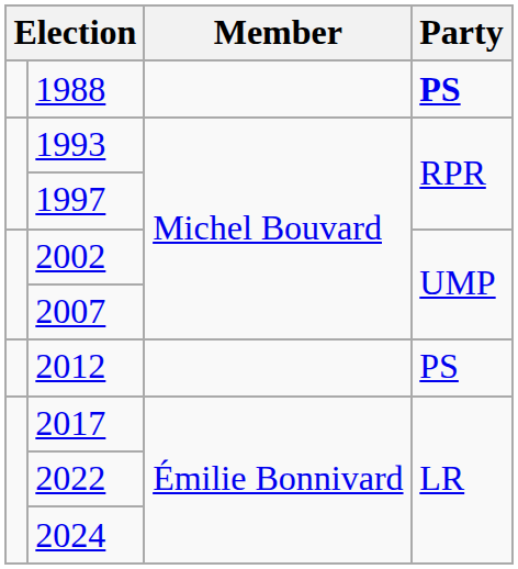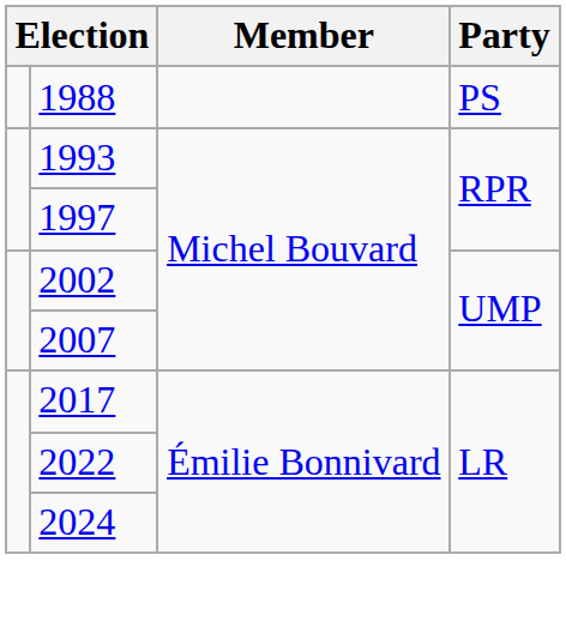 <table class="wikitable">
 <tr>
 <th colspan=2>Election</th>
 <th>Member</th>
 <th>Party</th>
 </tr>
 <tr>
 <td style="background-color: "></td>
 <td><a href='#'>1988</a></td>
 <td></td>
-<td><strong><a href='#'>PS</a></strong></td>
+<td><a href='#'>PS</a></td>
 </tr>
 <tr>
 <td rowspan="2" style="background-color: "></td>
 <td><a href='#'>1993</a></td>
 <td rowspan="4"><a href='#'>Michel Bouvard</a></td>
 <td rowspan="2"><a href='#'>RPR</a></td>
 </tr>
 <tr>
 <td><a href='#'>1997</a></td>
 </tr>
 <tr>
 <td rowspan="2" style="background-color: "></td>
 <td><a href='#'>2002</a></td>
 <td rowspan="2"><a href='#'>UMP</a></td>
 </tr>
 <tr>
 <td><a href='#'>2007</a></td>
 </tr>
 <tr>
-<td style="background-color: "></td>
-<td><a href='#'>2012</a></td>
-<td></td>
-<td><a href='#'>PS</a></td>
-</tr>
-<tr>
 <td rowspan="3" style="background-color: "></td>
 <td><a href='#'>2017</a></td>
 <td rowspan="3"><a href='#'>Émilie Bonnivard</a></td>
 <td rowspan="3"><a href='#'>LR</a></td>
 </tr>
 <tr>
 <td><a href='#'>2022</a></td>
 </tr>
 <tr>
 <td><a href='#'>2024</a></td>
 </tr>
 </table>
